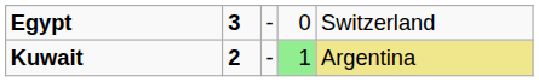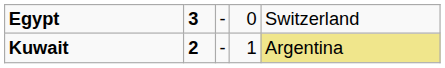 <table class="wikitable">
 <tr>
 <td width=150> <strong>Egypt</strong></td>
 <td style="width:20px; text-align:left;"><strong>3</strong></td>
 <td>-</td>
 <td style="width:20px; text-align:right;">0</td>
 <td width=150> Switzerland</td>
 </tr>
 <tr>
 <td> <strong>Kuwait</strong></td>
 <td style="text-align:left;"><strong>2</strong></td>
 <td>-</td>
-<td style="background: lightgreen; text-align:right;">1</td>
+<td style="text-align:right;">1</td>
 <td style="background: khaki;"> Argentina</td>
 </tr>
 </table>
